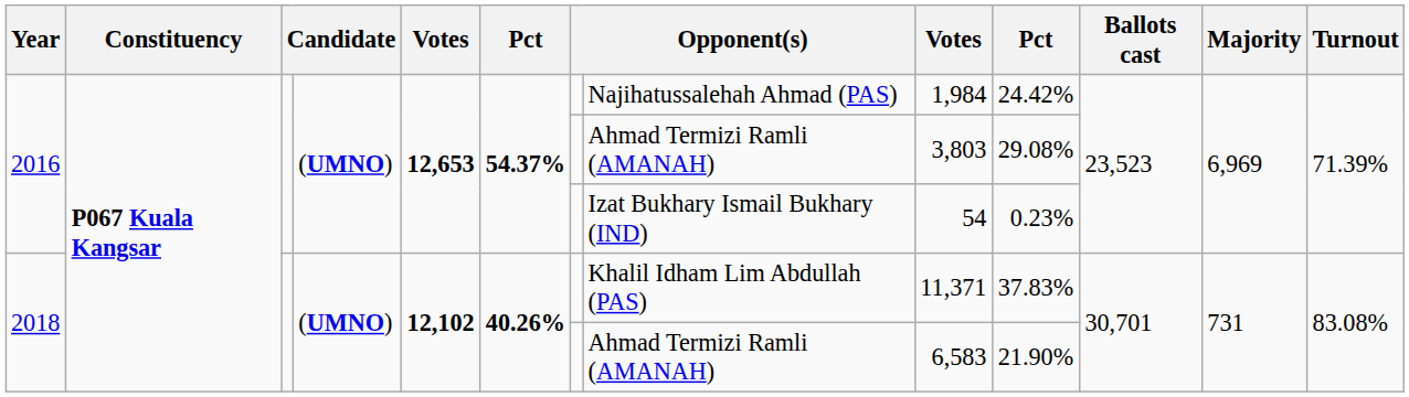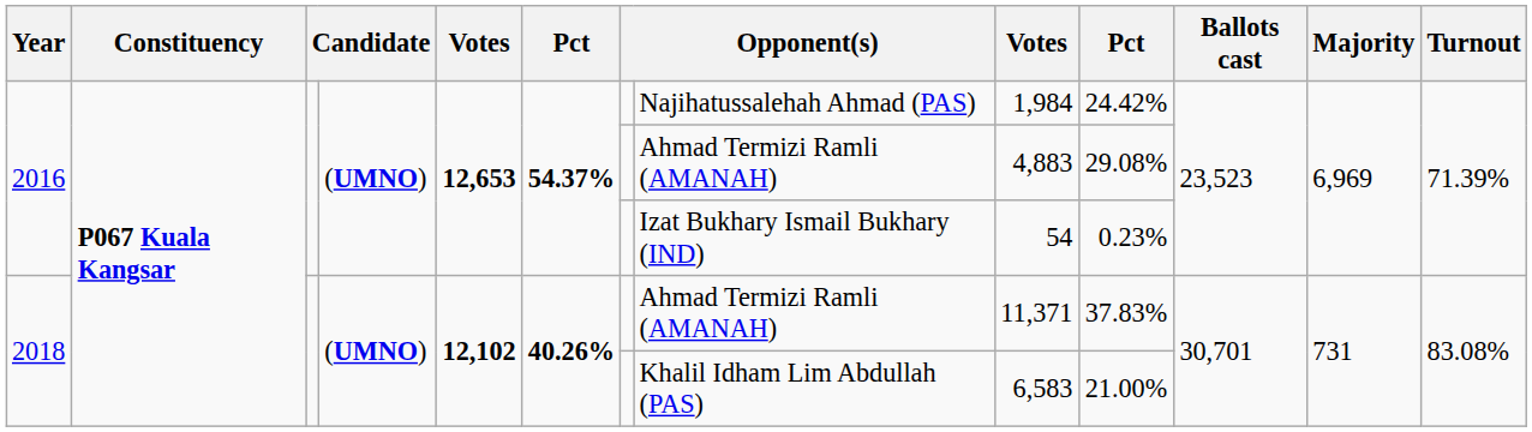 <table class="wikitable" style="margin:0.5em ; font-size:95%">
 <tr>
 <th>Year</th>
 <th>Constituency</th>
 <th colspan=2>Candidate</th>
 <th>Votes</th>
 <th>Pct</th>
 <th colspan=2>Opponent(s)</th>
 <th>Votes</th>
 <th>Pct</th>
 <th>Ballots cast</th>
 <th>Majority</th>
 <th>Turnout</th>
 </tr>
 <tr>
 <td rowspan=3><a href='#'>2016</a></td>
 <td rowspan=5><strong>P067 <a href='#'>Kuala Kangsar</a></strong></td>
 <td rowspan=3 ></td>
 <td rowspan=3> (<a href='#'><strong>UMNO</strong></a>)</td>
 <td rowspan=3 align="right"><strong>12,653</strong></td>
 <td rowspan=3><strong>54.37%</strong></td>
 <td></td>
 <td>Najihatussalehah Ahmad (<a href='#'>PAS</a>)</td>
 <td align="right">1,984</td>
 <td>24.42%</td>
 <td rowspan=3>23,523</td>
 <td rowspan=3>6,969</td>
 <td rowspan=3>71.39%</td>
 </tr>
 <tr>
 <td></td>
 <td>Ahmad Termizi Ramli (<a href='#'>AMANAH</a>)</td>
-<td align="right">3,803</td>
+<td align="right">4,883</td>
 <td>29.08%</td>
 </tr>
 <tr>
 <td></td>
 <td>Izat Bukhary Ismail Bukhary (<a href='#'>IND</a>)</td>
 <td style="text-align:right;">54</td>
 <td style="text-align:right;">0.23%</td>
 </tr>
 <tr>
 <td rowspan=2><a href='#'>2018</a></td>
 <td rowspan=2 ></td>
 <td rowspan=2> (<a href='#'><strong>UMNO</strong></a>)</td>
 <td rowspan=2 align="right"><strong>12,102</strong></td>
 <td rowspan=2><strong>40.26%</strong></td>
 <td></td>
-<td>Khalil Idham Lim Abdullah (<a href='#'>PAS</a>)</td>
+<td>Ahmad Termizi Ramli (<a href='#'>AMANAH</a>)</td>
 <td align="right">11,371</td>
 <td>37.83%</td>
 <td rowspan=2>30,701</td>
 <td rowspan=2>731</td>
 <td rowspan=2>83.08%</td>
 </tr>
 <tr>
 <td></td>
-<td>Ahmad Termizi Ramli (<a href='#'>AMANAH</a>)</td>
+<td>Khalil Idham Lim Abdullah (<a href='#'>PAS</a>)</td>
 <td align="right">6,583</td>
-<td>21.90%</td>
+<td>21.00%</td>
 </tr>
 </table>
